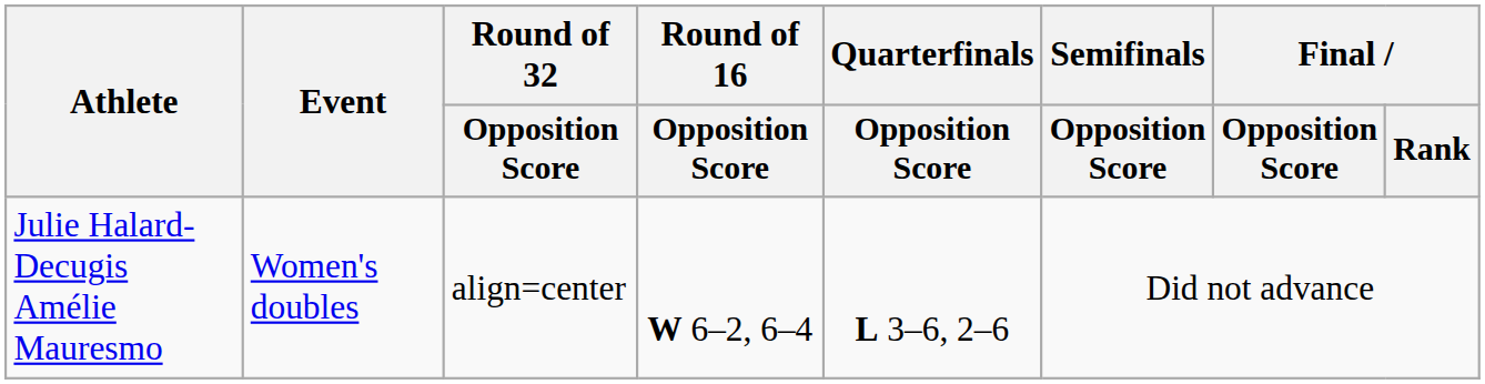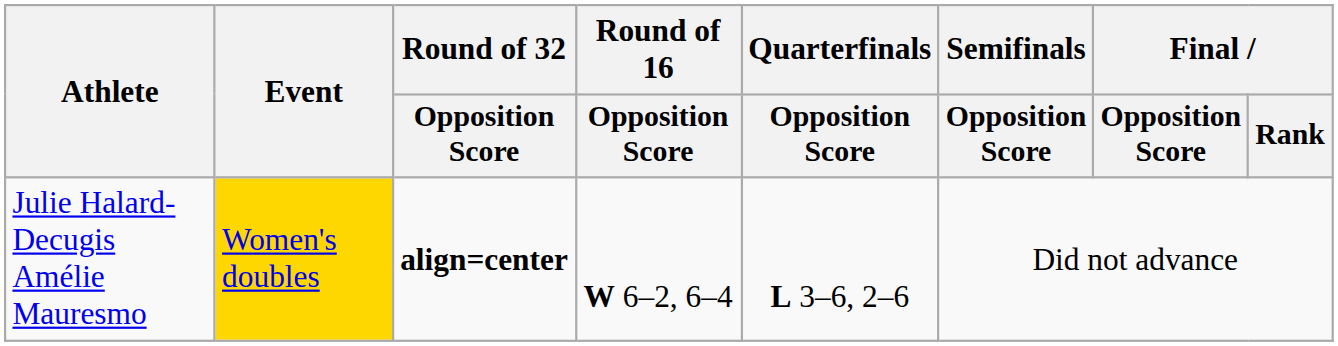 <table class=wikitable style="font-size:90%">
 <tr>
 <th rowspan="2">Athlete</th>
 <th rowspan="2">Event</th>
 <th>Round of 32</th>
 <th>Round of 16</th>
 <th>Quarterfinals</th>
 <th>Semifinals</th>
 <th colspan=2>Final / </th>
 </tr>
 <tr style="font-size:95%">
 <th>Opposition<br>Score</th>
 <th>Opposition<br>Score</th>
 <th>Opposition<br>Score</th>
 <th>Opposition<br>Score</th>
 <th>Opposition<br>Score</th>
 <th>Rank</th>
 </tr>
 <tr>
 <td align=left><a href='#'>Julie Halard-Decugis</a><br> <a href='#'>Amélie Mauresmo</a></td>
-<td align=left><a href='#'>Women's doubles</a></td>
-<td>align=center </td>
+<td align=left style="background: gold;"><a href='#'>Women's doubles</a></td>
+<td><strong>align=center </strong></td>
 <td align=center><br> <br> <strong>W</strong> 6–2, 6–4</td>
 <td align=center><br> <br> <strong>L</strong> 3–6, 2–6</td>
 <td align=center colspan=3>Did not advance</td>
 </tr>
 </table>
